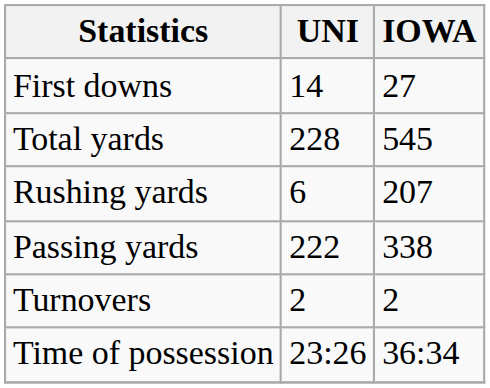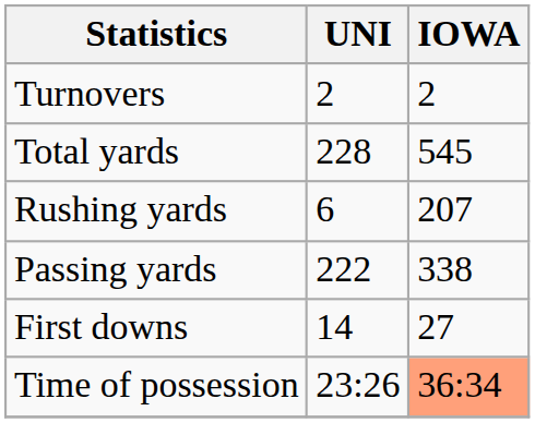 <table class="wikitable">
 <tr>
 <th>Statistics</th>
 <th>UNI</th>
 <th>IOWA</th>
 </tr>
 <tr>
-<td>First downs</td>
-<td>14</td>
-<td>27</td>
+<td>Turnovers</td>
+<td>2</td>
+<td>2</td>
 </tr>
 <tr>
 <td>Total yards</td>
 <td>228</td>
 <td>545</td>
 </tr>
 <tr>
 <td>Rushing yards</td>
 <td>6</td>
 <td>207</td>
 </tr>
 <tr>
 <td>Passing yards</td>
 <td>222</td>
 <td>338</td>
 </tr>
 <tr>
-<td>Turnovers</td>
-<td>2</td>
-<td>2</td>
+<td>First downs</td>
+<td>14</td>
+<td>27</td>
 </tr>
 <tr>
 <td>Time of possession</td>
 <td>23:26</td>
-<td>36:34</td>
+<td style="background: lightsalmon;">36:34</td>
 </tr>
 <tr>
 </tr>
 </table>
